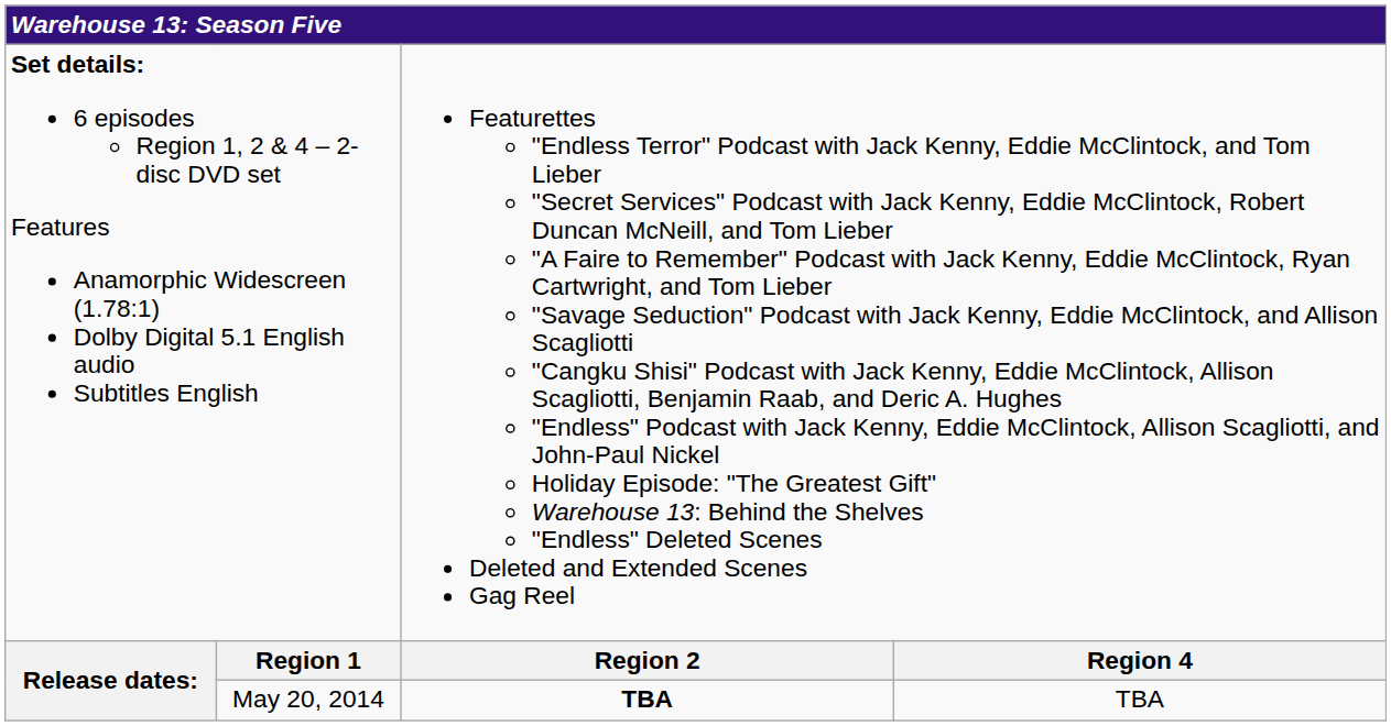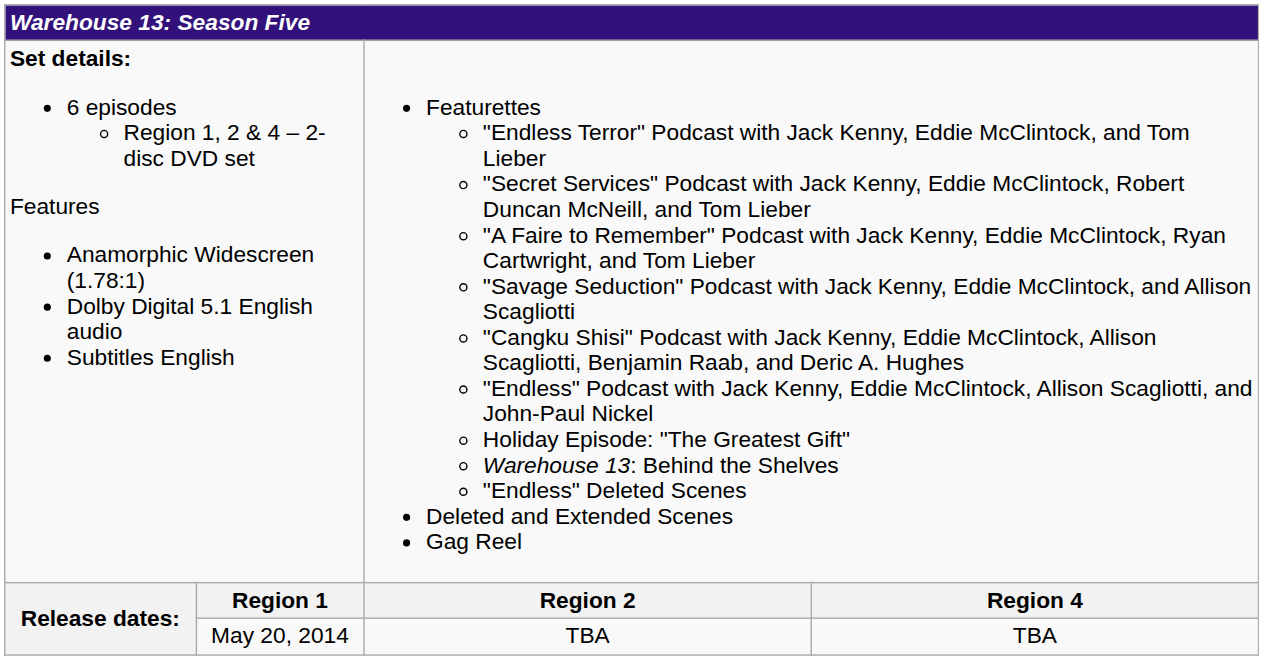 <table class="wikitable" width=100%>
 <tr>
 <td colspan="5" style="background: #32127A; color: #ffffff;"><strong><em>Warehouse 13: Season Five</em></strong></td>
 </tr>
 <tr>
 <td colspan="2" valign=top><strong>Set details:</strong><br><ul><li>6 episodes<ul><li>Region 1, 2 & 4 – 2-disc DVD set</li></ul></li></ul>Features<ul><li>Anamorphic Widescreen (1.78:1)</li><li>Dolby Digital 5.1 English audio</li><li>Subtitles English</li></ul></td>
 <td colspan="3" valign=top><br><ul><li>Featurettes<ul><li>"Endless Terror" Podcast with Jack Kenny, Eddie McClintock, and Tom Lieber</li><li>"Secret Services" Podcast with Jack Kenny, Eddie McClintock, Robert Duncan McNeill, and Tom Lieber</li><li>"A Faire to Remember" Podcast with Jack Kenny, Eddie McClintock, Ryan Cartwright, and Tom Lieber</li><li>"Savage Seduction" Podcast with Jack Kenny, Eddie McClintock, and Allison Scagliotti</li><li>"Cangku Shisi" Podcast with Jack Kenny, Eddie McClintock, Allison Scagliotti, Benjamin Raab, and Deric A. Hughes</li><li>"Endless" Podcast with Jack Kenny, Eddie McClintock, Allison Scagliotti, and John-Paul Nickel</li><li>Holiday Episode: "The Greatest Gift"</li><li><em>Warehouse 13</em>: Behind the Shelves</li><li>"Endless" Deleted Scenes</li></ul></li><li>Deleted and Extended Scenes</li><li>Gag Reel</li></ul></td>
 </tr>
 <tr>
 <th rowspan="2">Release dates:</th>
 <th>Region 1</th>
 <th>Region 2</th>
 <th>Region 4</th>
 </tr>
 <tr>
 <td align="center">May 20, 2014</td>
-<td align="center"><strong>TBA</strong></td>
+<td align="center">TBA</td>
 <td align="center">TBA</td>
 </tr>
 </table>
